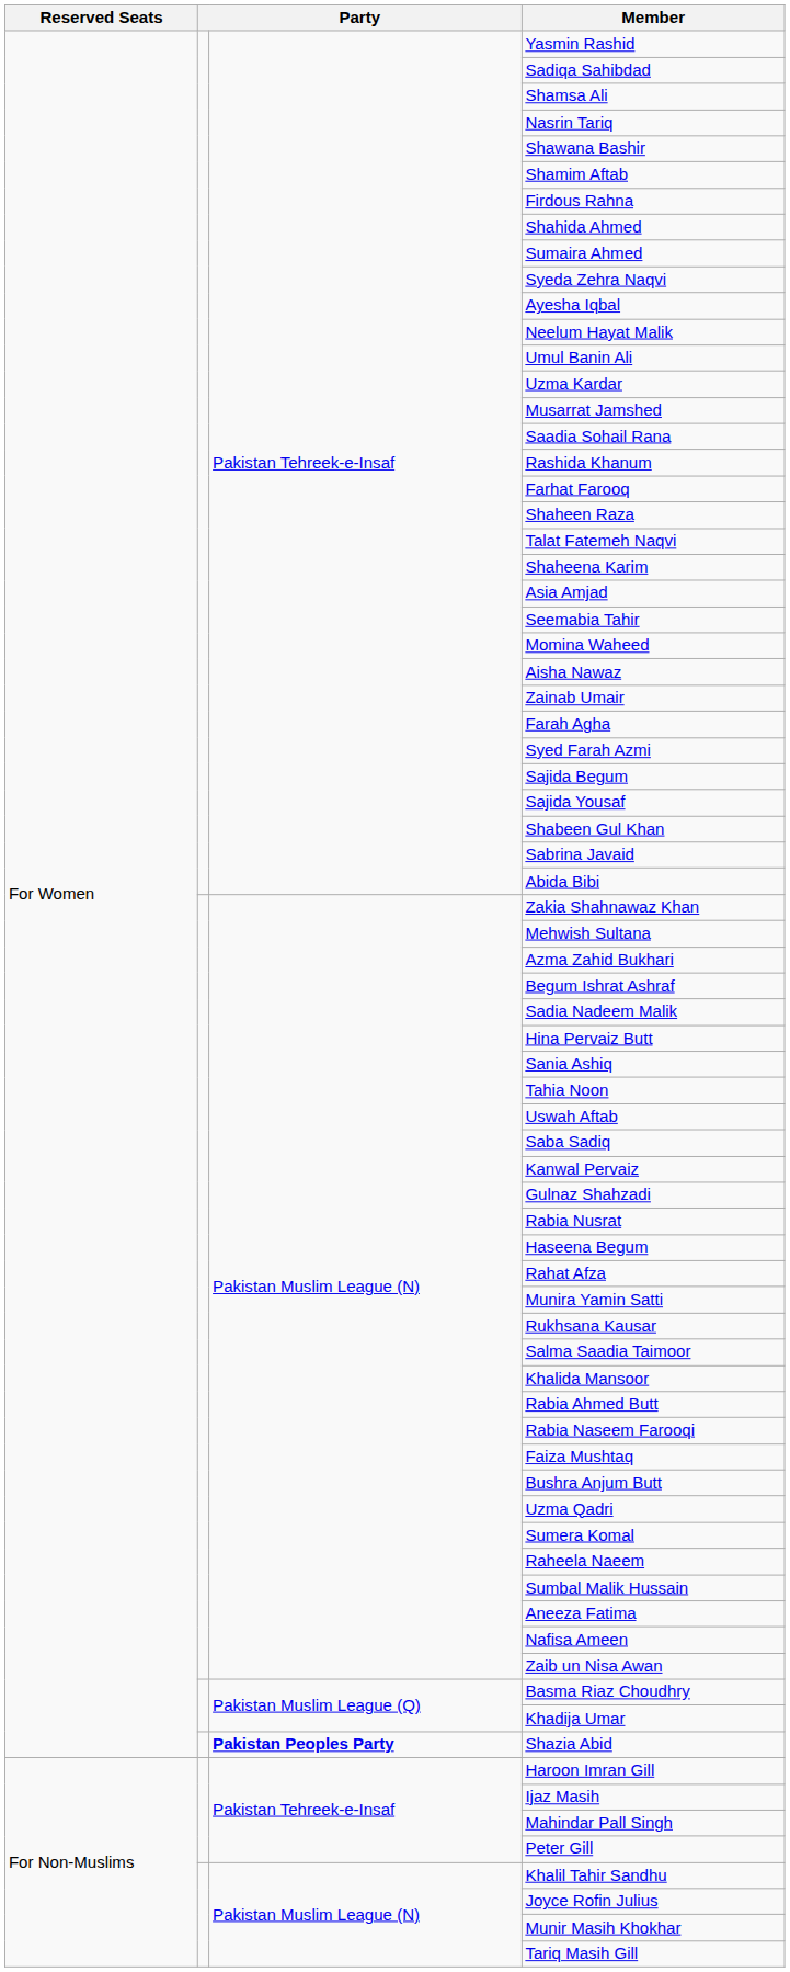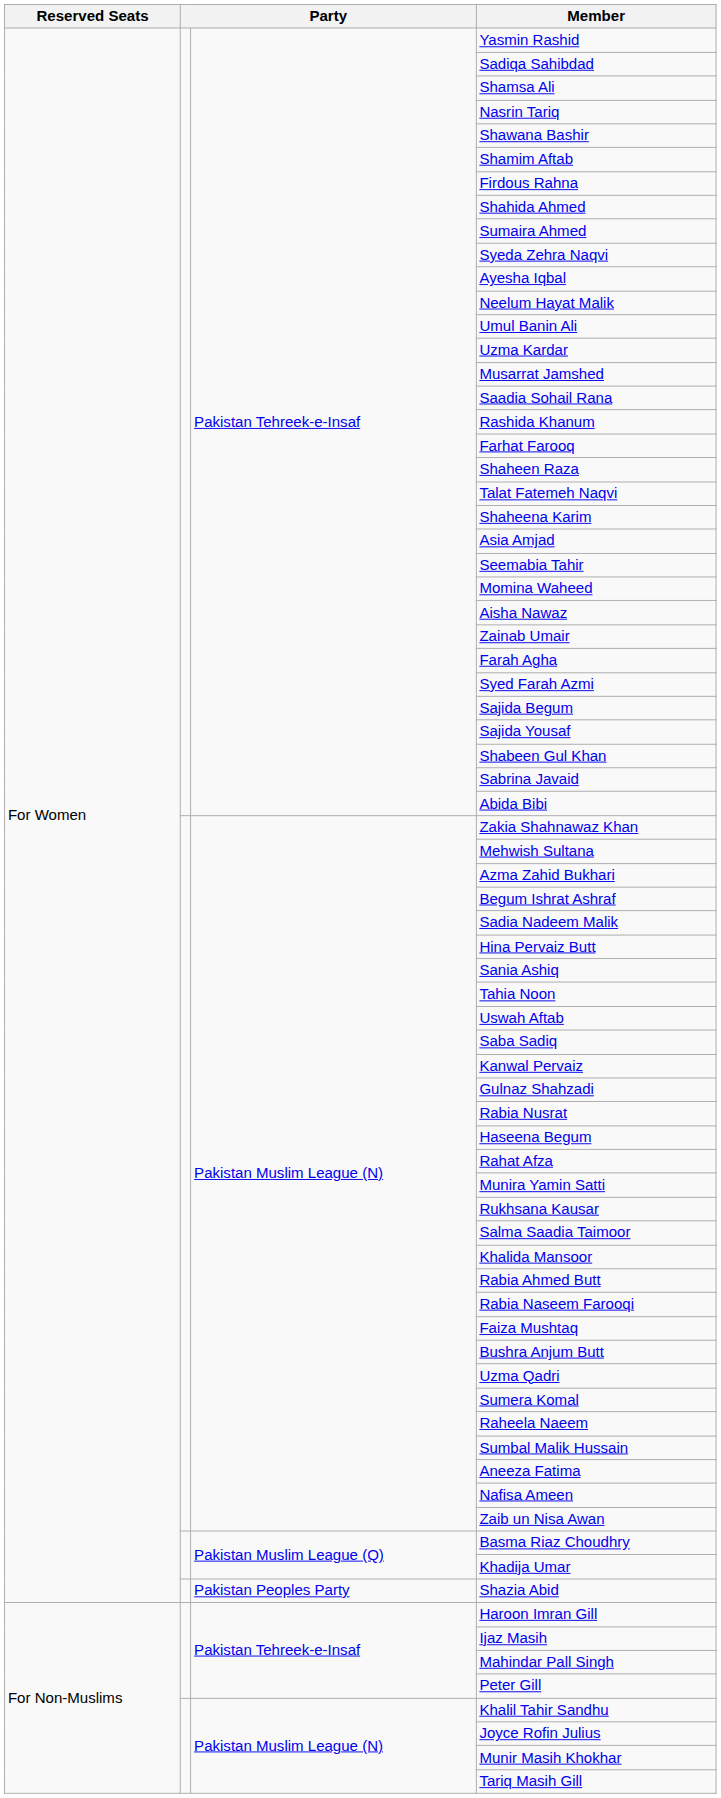 <table class="wikitable sortable" style="width: 60%;">
 <tr>
 <th class="unsortable"><strong>Reserved Seats</strong></th>
 <th colspan="2">Party</th>
 <th>Member</th>
 </tr>
 <tr>
 <td rowspan="66">For Women</td>
 <td rowspan="33" style="background-color:"></td>
 <td rowspan="33"><a href='#'>Pakistan Tehreek-e-Insaf</a></td>
 <td><a href='#'>Yasmin Rashid</a></td>
 </tr>
 <tr>
 <td><a href='#'>Sadiqa Sahibdad</a></td>
 </tr>
 <tr>
 <td><a href='#'>Shamsa Ali</a></td>
 </tr>
 <tr>
 <td><a href='#'>Nasrin Tariq</a></td>
 </tr>
 <tr>
 <td><a href='#'>Shawana Bashir</a></td>
 </tr>
 <tr>
 <td><a href='#'>Shamim Aftab</a></td>
 </tr>
 <tr>
 <td><a href='#'>Firdous Rahna</a></td>
 </tr>
 <tr>
 <td><a href='#'>Shahida Ahmed</a></td>
 </tr>
 <tr>
 <td><a href='#'>Sumaira Ahmed</a></td>
 </tr>
 <tr>
 <td><a href='#'>Syeda Zehra Naqvi</a></td>
 </tr>
 <tr>
 <td><a href='#'>Ayesha Iqbal</a></td>
 </tr>
 <tr>
 <td><a href='#'>Neelum Hayat Malik</a></td>
 </tr>
 <tr>
 <td><a href='#'>Umul Banin Ali</a></td>
 </tr>
 <tr>
 <td><a href='#'>Uzma Kardar</a></td>
 </tr>
 <tr>
 <td><a href='#'>Musarrat Jamshed</a></td>
 </tr>
 <tr>
 <td><a href='#'>Saadia Sohail Rana</a></td>
 </tr>
 <tr>
 <td><a href='#'>Rashida Khanum</a></td>
 </tr>
 <tr>
 <td><a href='#'>Farhat Farooq</a></td>
 </tr>
 <tr>
 <td><a href='#'>Shaheen Raza</a></td>
 </tr>
 <tr>
 <td><a href='#'>Talat Fatemeh Naqvi</a></td>
 </tr>
 <tr>
 <td><a href='#'>Shaheena Karim</a></td>
 </tr>
 <tr>
 <td><a href='#'>Asia Amjad</a></td>
 </tr>
 <tr>
 <td><a href='#'>Seemabia Tahir</a></td>
 </tr>
 <tr>
 <td><a href='#'>Momina Waheed</a></td>
 </tr>
 <tr>
 <td><a href='#'>Aisha Nawaz</a></td>
 </tr>
 <tr>
 <td><a href='#'>Zainab Umair</a></td>
 </tr>
 <tr>
 <td><a href='#'>Farah Agha</a></td>
 </tr>
 <tr>
 <td><a href='#'>Syed Farah Azmi</a></td>
 </tr>
 <tr>
 <td><a href='#'>Sajida Begum</a></td>
 </tr>
 <tr>
 <td><a href='#'>Sajida Yousaf</a></td>
 </tr>
 <tr>
 <td><a href='#'>Shabeen Gul Khan</a></td>
 </tr>
 <tr>
 <td><a href='#'>Sabrina Javaid</a></td>
 </tr>
 <tr>
 <td><a href='#'>Abida Bibi</a></td>
 </tr>
 <tr>
 <td rowspan="30" style="background-color:"></td>
 <td rowspan="30"><a href='#'>Pakistan Muslim League (N)</a></td>
 <td><a href='#'>Zakia Shahnawaz Khan</a></td>
 </tr>
 <tr>
 <td><a href='#'>Mehwish Sultana</a></td>
 </tr>
 <tr>
 <td><a href='#'>Azma Zahid Bukhari</a></td>
 </tr>
 <tr>
 <td><a href='#'>Begum Ishrat Ashraf</a></td>
 </tr>
 <tr>
 <td><a href='#'>Sadia Nadeem Malik</a></td>
 </tr>
 <tr>
 <td><a href='#'>Hina Pervaiz Butt</a></td>
 </tr>
 <tr>
 <td><a href='#'>Sania Ashiq</a></td>
 </tr>
 <tr>
 <td><a href='#'>Tahia Noon</a></td>
 </tr>
 <tr>
 <td><a href='#'>Uswah Aftab</a></td>
 </tr>
 <tr>
 <td><a href='#'>Saba Sadiq</a></td>
 </tr>
 <tr>
 <td><a href='#'>Kanwal Pervaiz</a></td>
 </tr>
 <tr>
 <td><a href='#'>Gulnaz Shahzadi</a></td>
 </tr>
 <tr>
 <td><a href='#'>Rabia Nusrat</a></td>
 </tr>
 <tr>
 <td><a href='#'>Haseena Begum</a></td>
 </tr>
 <tr>
 <td><a href='#'>Rahat Afza</a></td>
 </tr>
 <tr>
 <td><a href='#'>Munira Yamin Satti</a></td>
 </tr>
 <tr>
 <td><a href='#'>Rukhsana Kausar</a></td>
 </tr>
 <tr>
 <td><a href='#'>Salma Saadia Taimoor</a></td>
 </tr>
 <tr>
 <td><a href='#'>Khalida Mansoor</a></td>
 </tr>
 <tr>
 <td><a href='#'>Rabia Ahmed Butt</a></td>
 </tr>
 <tr>
 <td><a href='#'>Rabia Naseem Farooqi</a></td>
 </tr>
 <tr>
 <td><a href='#'>Faiza Mushtaq</a></td>
 </tr>
 <tr>
 <td><a href='#'>Bushra Anjum Butt</a></td>
 </tr>
 <tr>
 <td><a href='#'>Uzma Qadri</a></td>
 </tr>
 <tr>
 <td><a href='#'>Sumera Komal</a></td>
 </tr>
 <tr>
 <td><a href='#'>Raheela Naeem</a></td>
 </tr>
 <tr>
 <td><a href='#'>Sumbal Malik Hussain</a></td>
 </tr>
 <tr>
 <td><a href='#'>Aneeza Fatima</a></td>
 </tr>
 <tr>
 <td><a href='#'>Nafisa Ameen</a></td>
 </tr>
 <tr>
 <td><a href='#'>Zaib un Nisa Awan</a></td>
 </tr>
 <tr>
 <td rowspan="2" style="background-color:"></td>
 <td rowspan="2"><a href='#'>Pakistan Muslim League (Q)</a></td>
 <td><a href='#'>Basma Riaz Choudhry</a></td>
 </tr>
 <tr>
 <td><a href='#'>Khadija Umar</a></td>
 </tr>
 <tr>
 <td bgcolor=></td>
-<td><strong><a href='#'>Pakistan Peoples Party</a></strong></td>
+<td><a href='#'>Pakistan Peoples Party</a></td>
 <td><a href='#'>Shazia Abid</a></td>
 </tr>
 <tr>
 <td rowspan="8">For Non-Muslims</td>
 <td rowspan="4" style="background-color:"></td>
 <td rowspan="4"><a href='#'>Pakistan Tehreek-e-Insaf</a></td>
 <td><a href='#'>Haroon Imran Gill</a></td>
 </tr>
 <tr>
 <td><a href='#'>Ijaz Masih</a></td>
 </tr>
 <tr>
 <td><a href='#'>Mahindar Pall Singh</a></td>
 </tr>
 <tr>
 <td><a href='#'>Peter Gill</a></td>
 </tr>
 <tr>
 <td rowspan="4" style="background-color:"></td>
 <td rowspan="4"><a href='#'>Pakistan Muslim League (N)</a></td>
 <td><a href='#'>Khalil Tahir Sandhu</a></td>
 </tr>
 <tr>
 <td><a href='#'>Joyce Rofin Julius</a></td>
 </tr>
 <tr>
 <td><a href='#'>Munir Masih Khokhar</a></td>
 </tr>
 <tr>
 <td><a href='#'>Tariq Masih Gill</a></td>
 </tr>
 </table>
